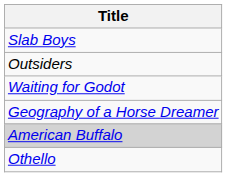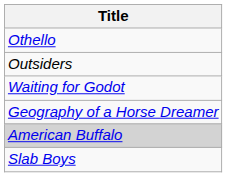 <table class="wikitable sortable">
 <tr>
 <th>Title</th>
 </tr>
 <tr>
-<td><em><a href='#'>Slab Boys</a></em></td>
+<td><em><a href='#'>Othello</a></em></td>
 </tr>
 <tr>
 <td><em>Outsiders</em></td>
 </tr>
 <tr>
 <td><em><a href='#'>Waiting for Godot</a></em></td>
 </tr>
 <tr>
 <td><em><a href='#'>Geography of a Horse Dreamer</a></em></td>
 </tr>
 <tr>
 <td style="background: lightgrey;"><em><a href='#'>American Buffalo</a></em></td>
 </tr>
 <tr>
-<td><em><a href='#'>Othello</a></em></td>
+<td><em><a href='#'>Slab Boys</a></em></td>
 </tr>
 </table>
